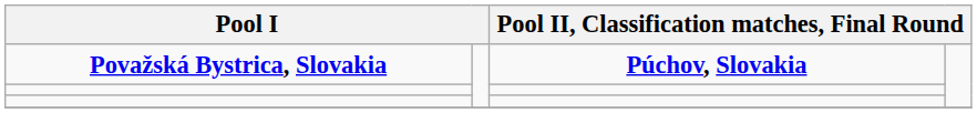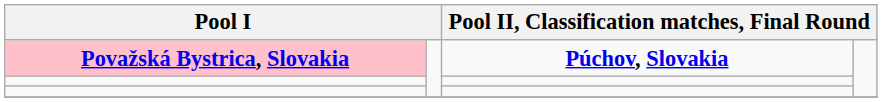 <table class="wikitable" style="text-align: center;">
 <tr>
 <th colspan="2" style="width: 50%;">Pool I</th>
 <th colspan="2" style="width: 50%;">Pool II, Classification matches, Final Round</th>
 </tr>
 <tr>
-<td><strong> <a href='#'>Považská Bystrica</a>, <a href='#'>Slovakia</a></strong></td>
+<td style="background: pink;"><strong> <a href='#'>Považská Bystrica</a>, <a href='#'>Slovakia</a></strong></td>
 <td rowspan="3"></td>
 <td><strong> <a href='#'>Púchov</a>, <a href='#'>Slovakia</a></strong></td>
 <td rowspan="3"></td>
 </tr>
 <tr>
 <td></td>
 <td></td>
 </tr>
 <tr>
 <td></td>
 <td></td>
 </tr>
 <tr>
 </tr>
 </table>
